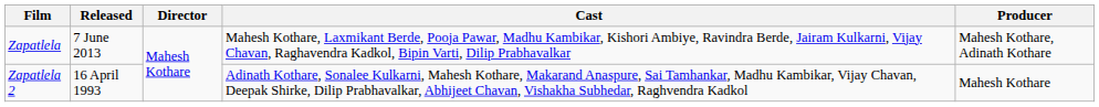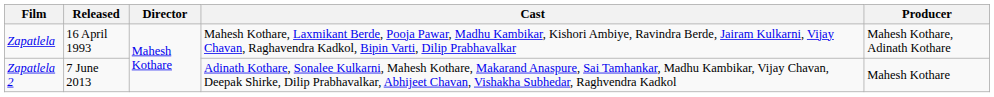 <table class="wikitable" style="width:100%;">
 <tr>
 <th style="text-align:centr;">Film</th>
 <th style="text-align:centr;">Released</th>
 <th>Director</th>
 <th>Cast</th>
 <th>Producer</th>
 </tr>
 <tr>
 <td><em><a href='#'>Zapatlela</a></em></td>
-<td>7 June 2013</td>
+<td>16 April 1993</td>
 <td rowspan="2"><a href='#'>Mahesh Kothare</a></td>
 <td>Mahesh Kothare, <a href='#'>Laxmikant Berde</a>, <a href='#'>Pooja Pawar</a>, <a href='#'>Madhu Kambikar</a>, Kishori Ambiye, Ravindra Berde, <a href='#'>Jairam Kulkarni</a>, <a href='#'>Vijay Chavan</a>, Raghavendra Kadkol, <a href='#'>Bipin Varti</a>, <a href='#'>Dilip Prabhavalkar</a></td>
 <td>Mahesh Kothare, Adinath Kothare</td>
 </tr>
 <tr>
 <td><em><a href='#'>Zapatlela 2</a></em></td>
-<td>16 April 1993</td>
+<td>7 June 2013</td>
 <td><a href='#'>Adinath Kothare</a>, <a href='#'>Sonalee Kulkarni</a>, Mahesh Kothare, <a href='#'>Makarand Anaspure</a>, <a href='#'>Sai Tamhankar</a>, Madhu Kambikar, Vijay Chavan, Deepak Shirke, Dilip Prabhavalkar, <a href='#'>Abhijeet Chavan</a>, <a href='#'>Vishakha Subhedar</a>, Raghvendra Kadkol</td>
 <td>Mahesh Kothare</td>
 </tr>
 </table>
